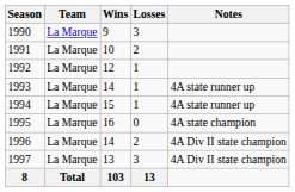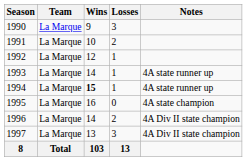 <table class="wikitable">
 <tr>
 <th>Season</th>
 <th>Team</th>
 <th>Wins</th>
 <th>Losses</th>
 <th>Notes</th>
 </tr>
 <tr>
 <td>1990</td>
 <td><a href='#'>La Marque</a></td>
 <td>9</td>
 <td>3</td>
 <td></td>
 </tr>
 <tr>
 <td>1991</td>
 <td>La Marque</td>
 <td>10</td>
 <td>2</td>
 <td></td>
 </tr>
 <tr>
 <td>1992</td>
 <td>La Marque</td>
 <td>12</td>
 <td>1</td>
 <td></td>
 </tr>
 <tr>
 <td>1993</td>
 <td>La Marque</td>
 <td>14</td>
 <td>1</td>
 <td>4A state runner up</td>
 </tr>
 <tr>
 <td>1994</td>
 <td>La Marque</td>
-<td>15</td>
+<td><strong>15</strong></td>
 <td>1</td>
 <td>4A state runner up</td>
 </tr>
 <tr>
 <td>1995</td>
 <td>La Marque</td>
 <td>16</td>
 <td>0</td>
 <td>4A state champion</td>
 </tr>
 <tr>
 <td>1996</td>
 <td>La Marque</td>
 <td>14</td>
 <td>2</td>
 <td>4A Div II state champion</td>
 </tr>
 <tr>
 <td>1997</td>
 <td>La Marque</td>
 <td>13</td>
 <td>3</td>
 <td>4A Div II state champion</td>
 </tr>
 <tr>
 <th>8</th>
 <th>Total</th>
 <th>103</th>
 <th>13</th>
 </tr>
 </table>
